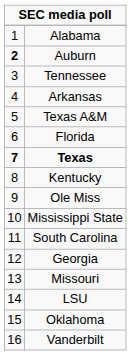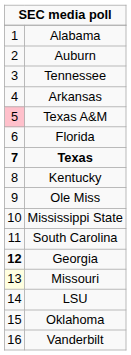 <table class="wikitable" style="display: inline-table;">
 <tr>
 <td align="center" Colspan="3"><strong>SEC media poll</strong></td>
 </tr>
 <tr align="center">
 </tr>
 <tr align="center">
 <td>1</td>
 <td>Alabama</td>
 </tr>
 <tr align="center">
-<td><strong>2</strong></td>
+<td>2</td>
 <td>Auburn</td>
 </tr>
 <tr align="center">
 <td>3</td>
 <td>Tennessee</td>
 </tr>
 <tr align="center">
 <td>4</td>
 <td>Arkansas</td>
 </tr>
 <tr align="center">
-<td>5</td>
+<td style="background: pink;">5</td>
 <td>Texas A&M</td>
 </tr>
 <tr align="center">
 <td>6</td>
 <td>Florida</td>
 </tr>
 <tr align="center">
 <td><strong>7</strong></td>
 <td><strong>Texas</strong></td>
 </tr>
 <tr align="center">
 <td>8</td>
 <td>Kentucky</td>
 </tr>
 <tr align="center">
 <td>9</td>
 <td>Ole Miss</td>
 </tr>
 <tr align="center">
 <td>10</td>
 <td>Mississippi State</td>
 </tr>
 <tr align="center">
 <td>11</td>
 <td>South Carolina</td>
 </tr>
 <tr align="center">
-<td>12</td>
+<td><strong>12</strong></td>
 <td>Georgia</td>
 </tr>
 <tr align="center">
-<td>13</td>
+<td style="background: lightyellow;">13</td>
 <td>Missouri</td>
 </tr>
 <tr align="center">
 <td>14</td>
 <td>LSU</td>
 </tr>
 <tr align="center">
 <td>15</td>
 <td>Oklahoma</td>
 </tr>
 <tr align="center">
 <td>16</td>
 <td>Vanderbilt</td>
 </tr>
 </table>
